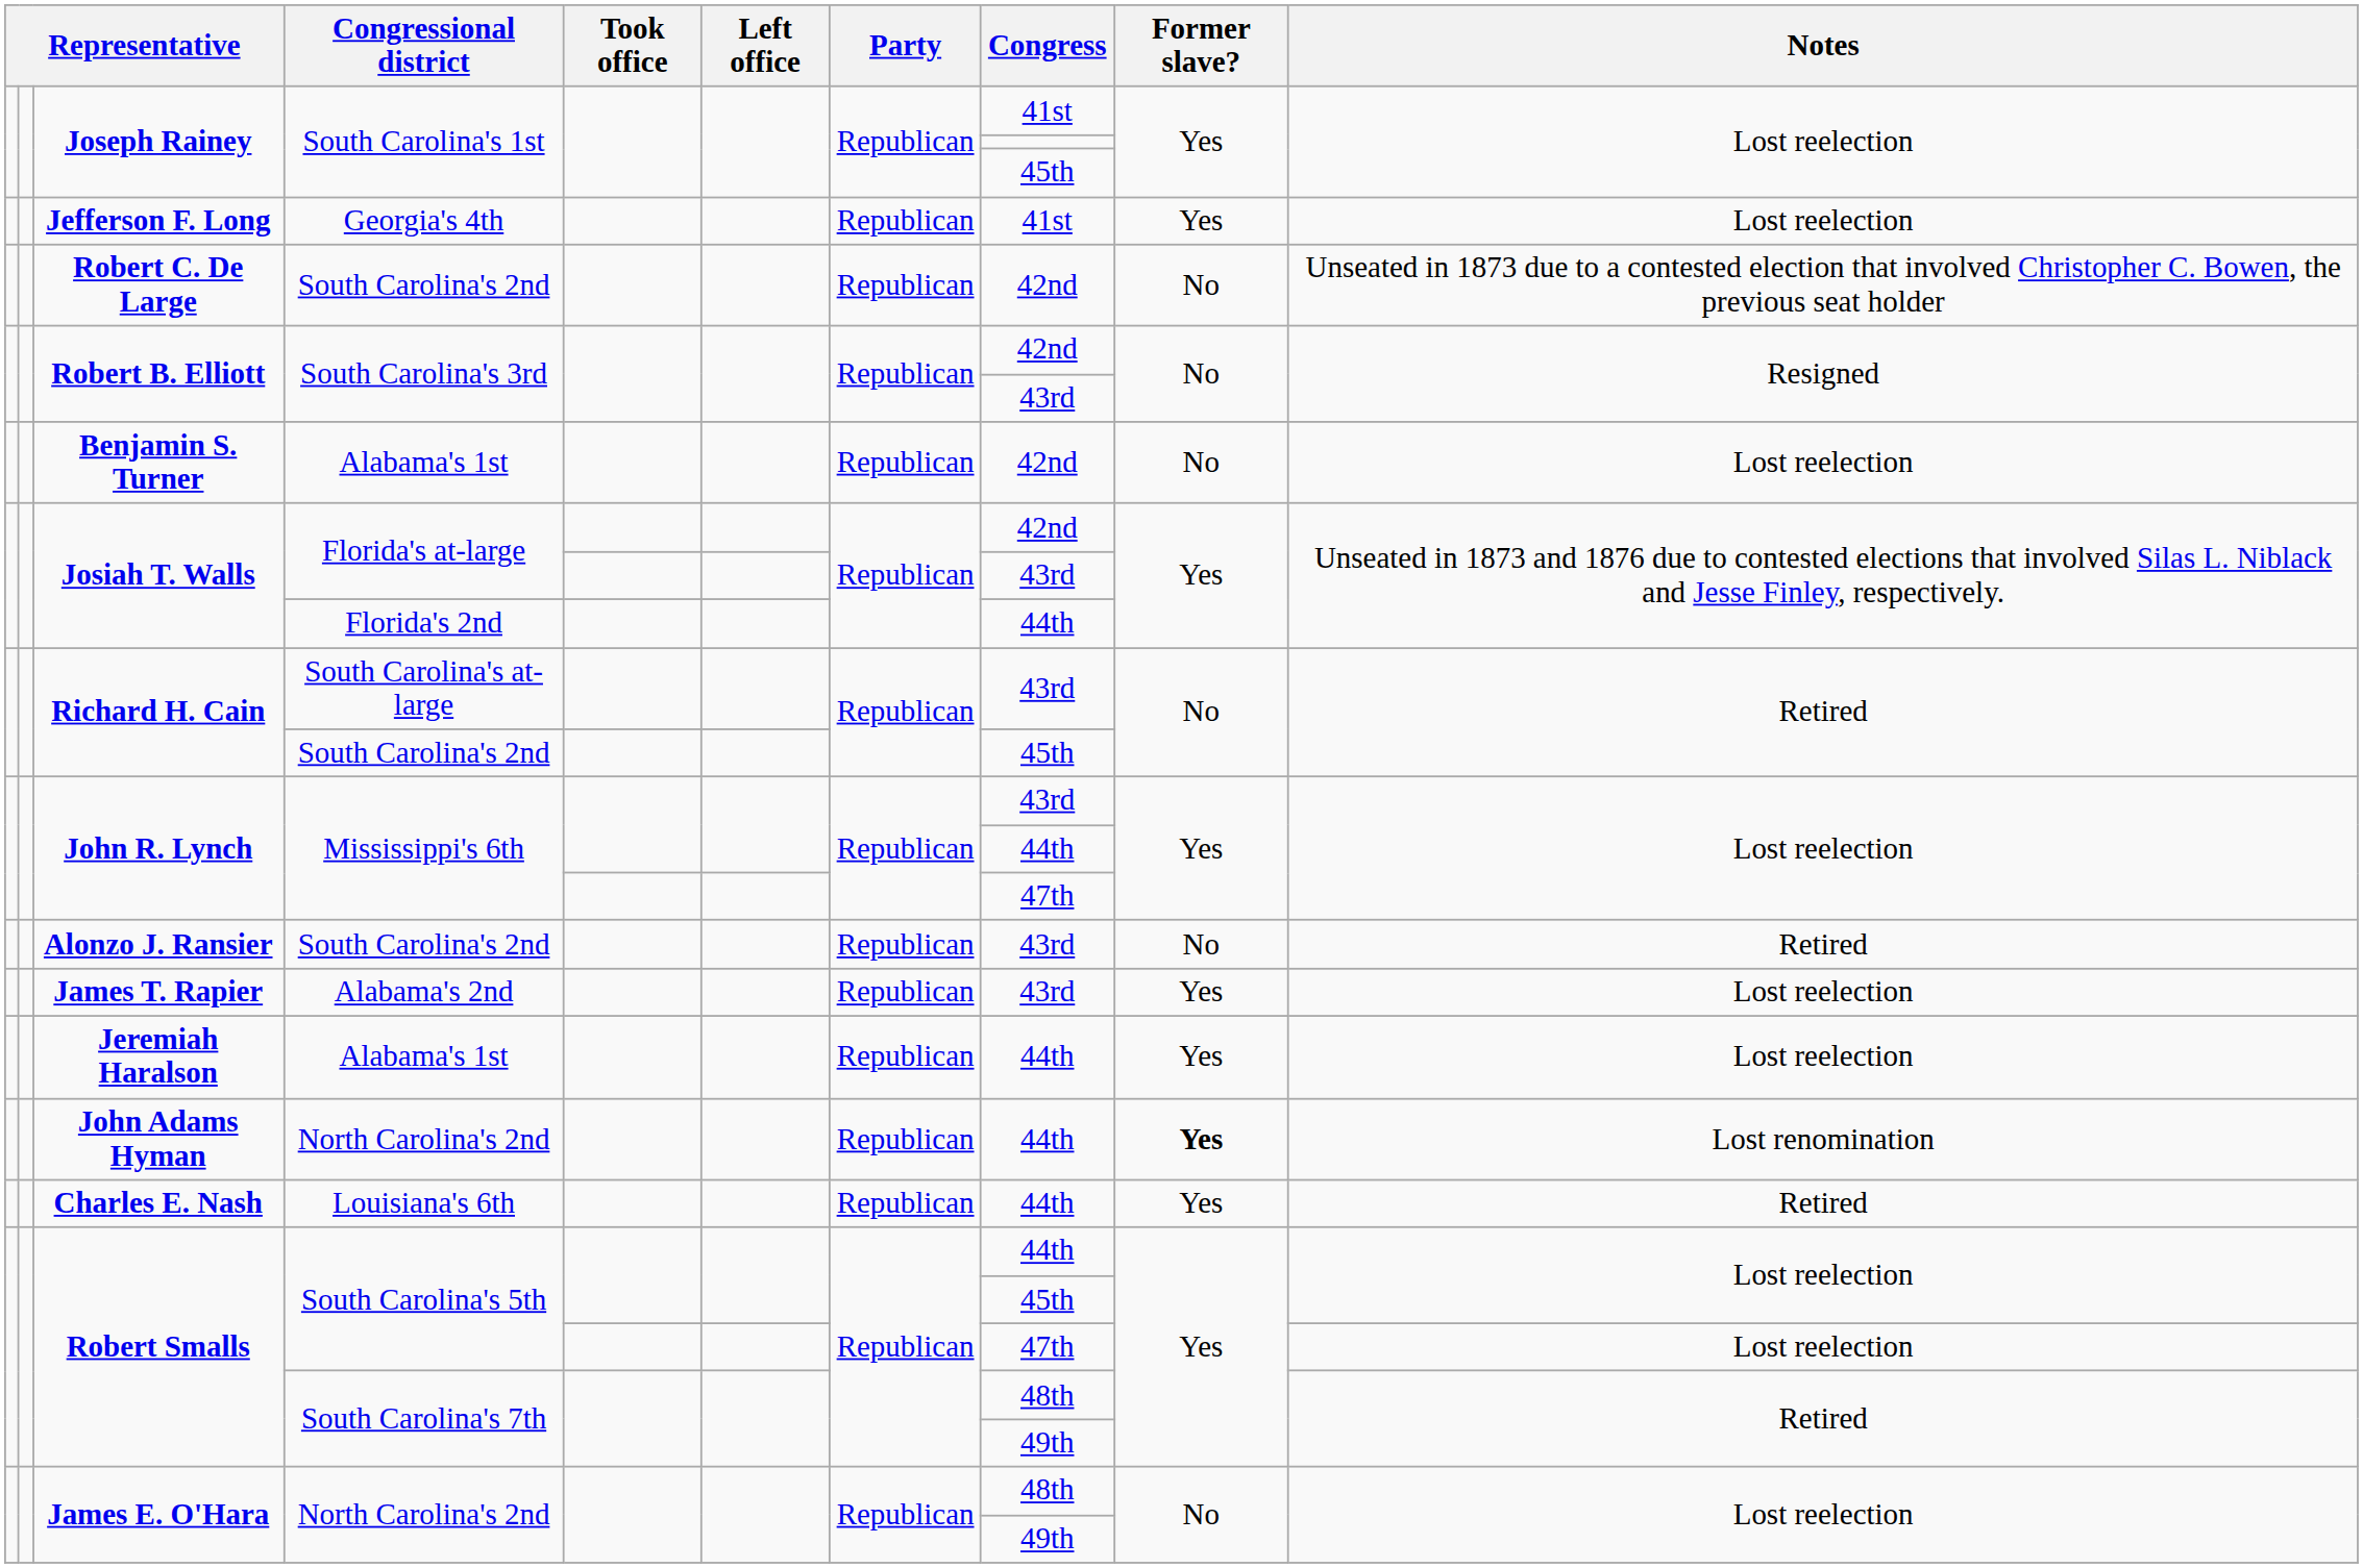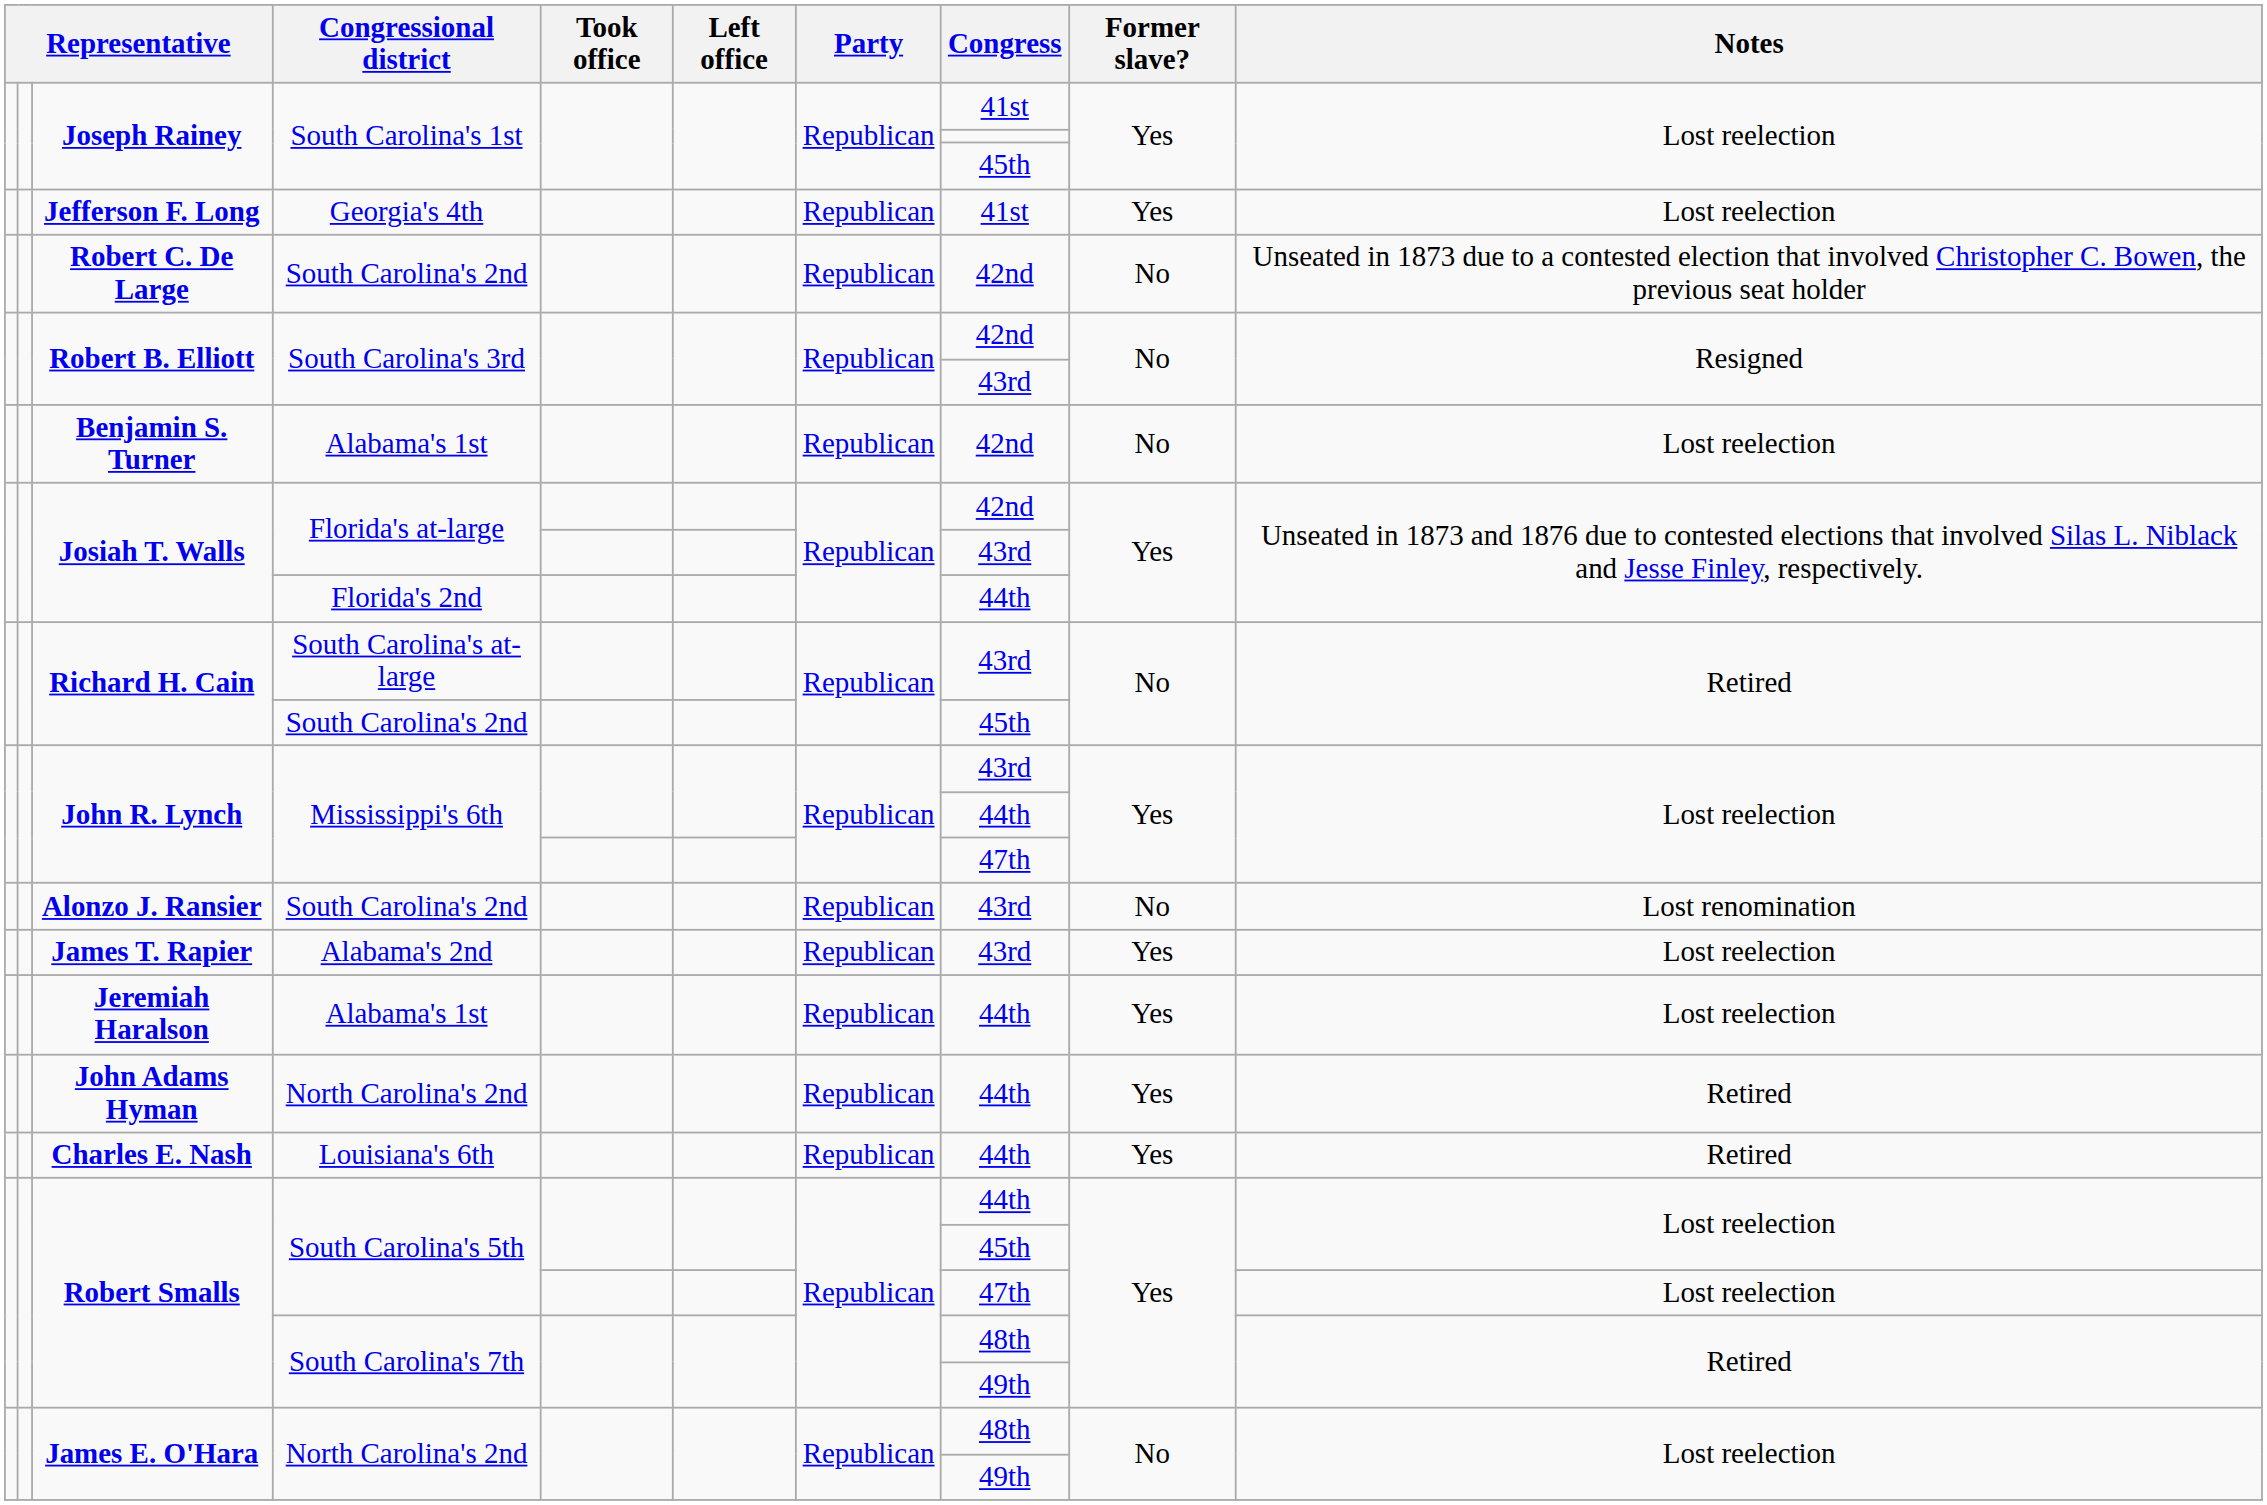 <table class="wikitable sortable plainrowheaders" style="text-align: center;">
 <tr>
 <th colspan=3 class=unsortable><a href='#'>Representative</a></th>
 <th scope="col"><a href='#'>Congressional district</a></th>
 <th scope="col">Took office</th>
 <th scope="col">Left office</th>
 <th scope="col"><a href='#'>Party</a></th>
 <th scope="col"><a href='#'>Congress</a></th>
 <th scope="col">Former slave?</th>
 <th scope="col">Notes</th>
 </tr>
 <tr>
 <td rowspan=3 style="background: "></td>
 <td rowspan=3></td>
 <td rowspan=3><strong><a href='#'>Joseph Rainey</a></strong><br></td>
 <td rowspan=3><a href='#'>South Carolina's 1st</a></td>
 <td rowspan=3></td>
 <td rowspan=3></td>
 <td rowspan=3><a href='#'>Republican</a></td>
 <td><a href='#'>41st</a><br></td>
 <td rowspan=3>Yes</td>
 <td rowspan=3>Lost reelection</td>
 </tr>
 <tr>
 <td></td>
 </tr>
 <tr>
 <td><a href='#'>45th</a><br></td>
 </tr>
 <tr>
 <td style="background: "></td>
 <td></td>
 <td><strong><a href='#'>Jefferson F. Long</a></strong><br></td>
 <td><a href='#'>Georgia's 4th</a></td>
 <td></td>
 <td></td>
 <td><a href='#'>Republican</a></td>
 <td><a href='#'>41st</a><br></td>
 <td>Yes</td>
 <td>Lost reelection</td>
 </tr>
 <tr>
 <td style="background: "></td>
 <td></td>
 <td><strong><a href='#'>Robert C. De Large</a></strong><br></td>
 <td><a href='#'>South Carolina's 2nd</a></td>
 <td></td>
 <td></td>
 <td><a href='#'>Republican</a></td>
 <td><a href='#'>42nd</a><br></td>
 <td>No</td>
 <td>Unseated in 1873 due to a contested election that involved <a href='#'>Christopher C. Bowen</a>, the previous seat holder</td>
 </tr>
 <tr>
 <td rowspan=2 style="background: "></td>
 <td rowspan=2></td>
 <td rowspan=2><strong><a href='#'>Robert B. Elliott</a></strong><br></td>
 <td rowspan=2><a href='#'>South Carolina's 3rd</a></td>
 <td rowspan=2></td>
 <td rowspan=2></td>
 <td rowspan=2><a href='#'>Republican</a></td>
 <td><a href='#'>42nd</a><br></td>
 <td rowspan=2>No</td>
 <td rowspan=2>Resigned</td>
 </tr>
 <tr>
 <td><a href='#'>43rd</a><br></td>
 </tr>
 <tr>
 <td style="background: "></td>
 <td></td>
 <td><strong><a href='#'>Benjamin S. Turner</a></strong><br></td>
 <td><a href='#'>Alabama's 1st</a></td>
 <td></td>
 <td></td>
 <td><a href='#'>Republican</a></td>
 <td><a href='#'>42nd</a><br></td>
 <td>No</td>
 <td>Lost reelection</td>
 </tr>
 <tr>
 <td rowspan=3 style="background: "></td>
 <td rowspan=3></td>
 <td rowspan=3><strong><a href='#'>Josiah T. Walls</a></strong><br></td>
 <td rowspan=2><a href='#'>Florida's at-large</a></td>
 <td></td>
 <td></td>
 <td rowspan=3><a href='#'>Republican</a></td>
 <td><a href='#'>42nd</a><br></td>
 <td rowspan=3>Yes</td>
 <td rowspan=3>Unseated in 1873 and 1876 due to contested elections that involved <a href='#'>Silas L. Niblack</a> and <a href='#'>Jesse Finley</a>, respectively.</td>
 </tr>
 <tr>
 <td></td>
 <td></td>
 <td><a href='#'>43rd</a><br></td>
 </tr>
 <tr>
 <td><a href='#'>Florida's 2nd</a></td>
 <td></td>
 <td></td>
 <td><a href='#'>44th</a><br></td>
 </tr>
 <tr>
 <td rowspan=2 style="background: "></td>
 <td rowspan=2></td>
 <td rowspan=2><strong><a href='#'>Richard H. Cain</a></strong><br></td>
 <td><a href='#'>South Carolina's at-large</a></td>
 <td></td>
 <td></td>
 <td rowspan=2><a href='#'>Republican</a></td>
 <td><a href='#'>43rd</a><br></td>
 <td rowspan=2>No</td>
 <td rowspan=2>Retired</td>
 </tr>
 <tr>
 <td><a href='#'>South Carolina's 2nd</a></td>
 <td></td>
 <td></td>
 <td><a href='#'>45th</a><br></td>
 </tr>
 <tr>
 <td rowspan=3 style="background: "></td>
 <td rowspan=3></td>
 <td rowspan=3><strong><a href='#'>John R. Lynch</a></strong><br></td>
 <td rowspan=3><a href='#'>Mississippi's 6th</a></td>
 <td rowspan=2></td>
 <td rowspan=2></td>
 <td rowspan=3><a href='#'>Republican</a></td>
 <td><a href='#'>43rd</a><br></td>
 <td rowspan=3>Yes</td>
 <td rowspan=3>Lost reelection</td>
 </tr>
 <tr>
 <td><a href='#'>44th</a><br></td>
 </tr>
 <tr>
 <td></td>
 <td></td>
 <td><a href='#'>47th</a><br></td>
 </tr>
 <tr>
 <td style="background: "></td>
 <td></td>
 <td><strong><a href='#'>Alonzo J. Ransier</a></strong><br></td>
 <td><a href='#'>South Carolina's 2nd</a></td>
 <td></td>
 <td></td>
 <td><a href='#'>Republican</a></td>
 <td><a href='#'>43rd</a><br></td>
 <td>No</td>
-<td>Retired</td>
+<td>Lost renomination</td>
 </tr>
 <tr>
 <td style="background: "></td>
 <td></td>
 <td><strong><a href='#'>James T. Rapier</a></strong><br></td>
 <td><a href='#'>Alabama's 2nd</a></td>
 <td></td>
 <td></td>
 <td><a href='#'>Republican</a></td>
 <td><a href='#'>43rd</a><br></td>
 <td>Yes</td>
 <td>Lost reelection</td>
 </tr>
 <tr>
 <td style="background: "></td>
 <td></td>
 <td><strong><a href='#'>Jeremiah Haralson</a></strong><br></td>
 <td><a href='#'>Alabama's 1st</a></td>
 <td></td>
 <td></td>
 <td><a href='#'>Republican</a></td>
 <td><a href='#'>44th</a><br></td>
 <td>Yes</td>
 <td>Lost reelection</td>
 </tr>
 <tr>
 <td style="background: "></td>
 <td></td>
 <td><strong><a href='#'>John Adams Hyman</a></strong><br></td>
 <td><a href='#'>North Carolina's 2nd</a></td>
 <td></td>
 <td></td>
 <td><a href='#'>Republican</a></td>
 <td><a href='#'>44th</a><br></td>
-<td><strong>Yes</strong></td>
-<td>Lost renomination</td>
+<td>Yes</td>
+<td>Retired</td>
 </tr>
 <tr>
 <td style="background: "></td>
 <td></td>
 <td><strong><a href='#'>Charles E. Nash</a></strong><br></td>
 <td><a href='#'>Louisiana's 6th</a></td>
 <td></td>
 <td></td>
 <td><a href='#'>Republican</a></td>
 <td><a href='#'>44th</a><br></td>
 <td>Yes</td>
 <td>Retired</td>
 </tr>
 <tr>
 <td rowspan=5 style="background: "></td>
 <td rowspan=5></td>
 <td rowspan=5><strong><a href='#'>Robert Smalls</a></strong><br></td>
 <td rowspan=3><a href='#'>South Carolina's 5th</a></td>
 <td rowspan=2></td>
 <td rowspan=2></td>
 <td rowspan=5><a href='#'>Republican</a></td>
 <td><a href='#'>44th</a><br></td>
 <td rowspan=5>Yes</td>
 <td rowspan="2">Lost reelection</td>
 </tr>
 <tr>
 <td><a href='#'>45th</a><br></td>
 </tr>
 <tr>
 <td></td>
 <td></td>
 <td><a href='#'>47th</a><br></td>
 <td>Lost reelection</td>
 </tr>
 <tr>
 <td rowspan=2><a href='#'>South Carolina's 7th</a></td>
 <td rowspan=2></td>
 <td rowspan=2></td>
 <td><a href='#'>48th</a><br></td>
 <td rowspan="2">Retired</td>
 </tr>
 <tr>
 <td><a href='#'>49th</a><br></td>
 </tr>
 <tr>
 <td rowspan=2 style="background: "></td>
 <td rowspan=2></td>
 <td rowspan=2><strong><a href='#'>James E. O'Hara</a></strong><br></td>
 <td rowspan=2><a href='#'>North Carolina's 2nd</a></td>
 <td rowspan=2></td>
 <td rowspan=2></td>
 <td rowspan=2><a href='#'>Republican</a></td>
 <td><a href='#'>48th</a><br></td>
 <td rowspan=2>No</td>
 <td rowspan=2>Lost reelection</td>
 </tr>
 <tr>
 <td><a href='#'>49th</a><br></td>
 </tr>
 </table>
